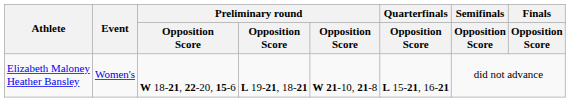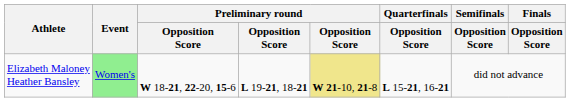 <table class="wikitable" border="1" style="font-size:90%">
 <tr>
 <th rowspan=2>Athlete</th>
 <th rowspan=2>Event</th>
 <th colspan=3>Preliminary round</th>
 <th>Quarterfinals</th>
 <th>Semifinals</th>
 <th>Finals</th>
 </tr>
 <tr>
 <th>Opposition<br>Score</th>
 <th>Opposition<br>Score</th>
 <th>Opposition<br>Score</th>
 <th>Opposition<br>Score</th>
 <th>Opposition<br>Score</th>
 <th>Opposition<br>Score</th>
 </tr>
 <tr>
 <td><a href='#'>Elizabeth Maloney</a> <br> <a href='#'>Heather Bansley</a></td>
-<td><a href='#'>Women's</a></td>
+<td style="background: lightgreen;"><a href='#'>Women's</a></td>
 <td align="center"><br><br><strong>W</strong> 18-<strong>21</strong>, <strong>22</strong>-20, <strong>15</strong>-6</td>
 <td align="center"><br><br><strong>L</strong> 19-<strong>21</strong>, 18-<strong>21</strong></td>
-<td align="center"><br><br><strong>W</strong> <strong>21</strong>-10, <strong>21</strong>-8</td>
+<td align="center" style="background: khaki;"><br><br><strong>W</strong> <strong>21</strong>-10, <strong>21</strong>-8</td>
 <td align="center"><br><br><strong>L</strong> 15-<strong>21</strong>, 16-<strong>21</strong></td>
 <td align=center colspan="5">did not advance</td>
 </tr>
 </table>
